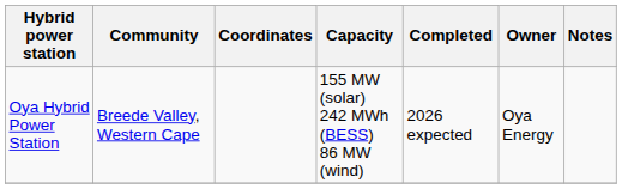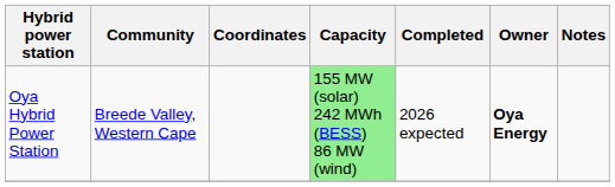 <table class="wikitable sortable">
 <tr>
 <th>Hybrid power station</th>
 <th>Community</th>
 <th>Coordinates</th>
 <th>Capacity</th>
 <th>Completed</th>
 <th>Owner</th>
 <th>Notes</th>
 </tr>
 <tr>
 <td><a href='#'>Oya Hybrid Power Station</a></td>
 <td><a href='#'>Breede Valley</a>, <a href='#'>Western Cape</a></td>
 <td></td>
-<td>155 MW (solar)<br>242 MWh (<a href='#'>BESS</a>)<br>86 MW (wind)</td>
+<td style="background: lightgreen;">155 MW (solar)<br>242 MWh (<a href='#'>BESS</a>)<br>86 MW (wind)</td>
 <td>2026 expected</td>
-<td>Oya Energy</td>
+<td><strong>Oya Energy</strong></td>
 <td></td>
 </tr>
 <tr>
 </tr>
 </table>
